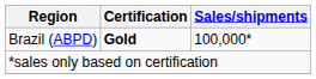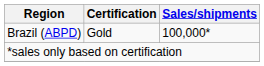 <table class="wikitable">
 <tr>
 <th>Region</th>
 <th>Certification</th>
 <th><a href='#'>Sales/shipments</a></th>
 </tr>
 <tr>
 <td>Brazil (<a href='#'>ABPD</a>)</td>
-<td><strong>Gold</strong></td>
+<td>Gold</td>
 <td>100,000*</td>
 </tr>
 <tr>
 <td colspan=3>*sales only based on certification</td>
 </tr>
 <tr>
 </tr>
 </table>
